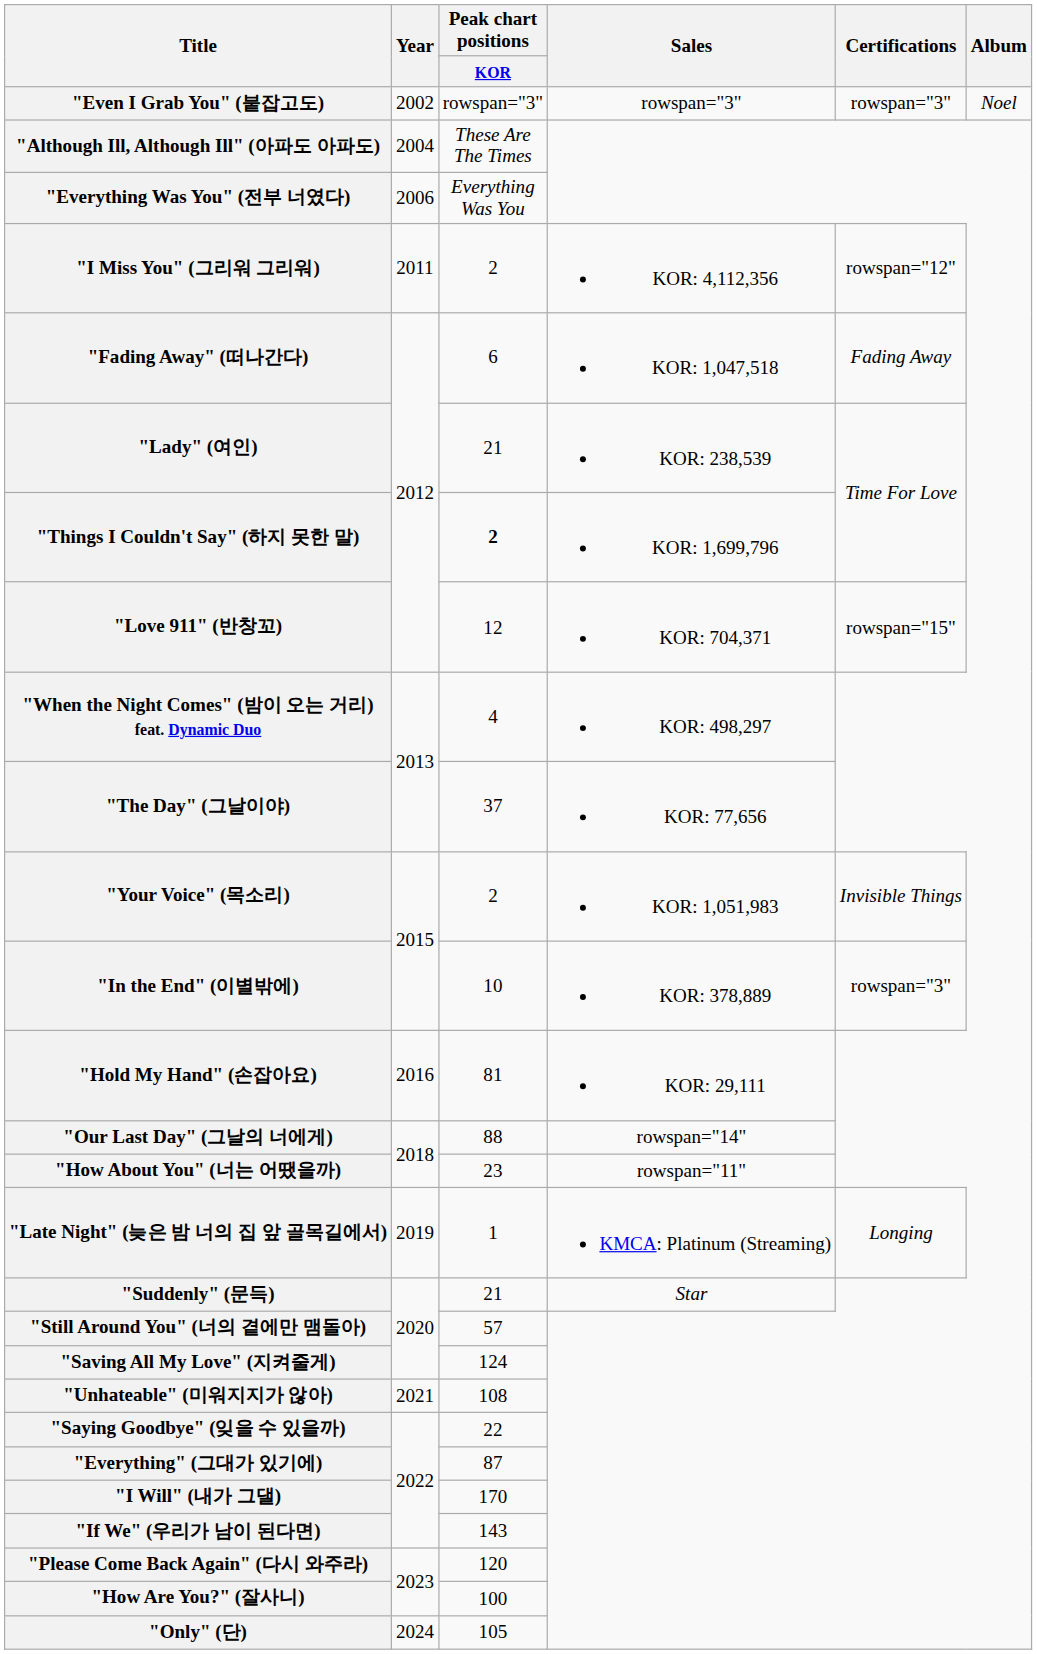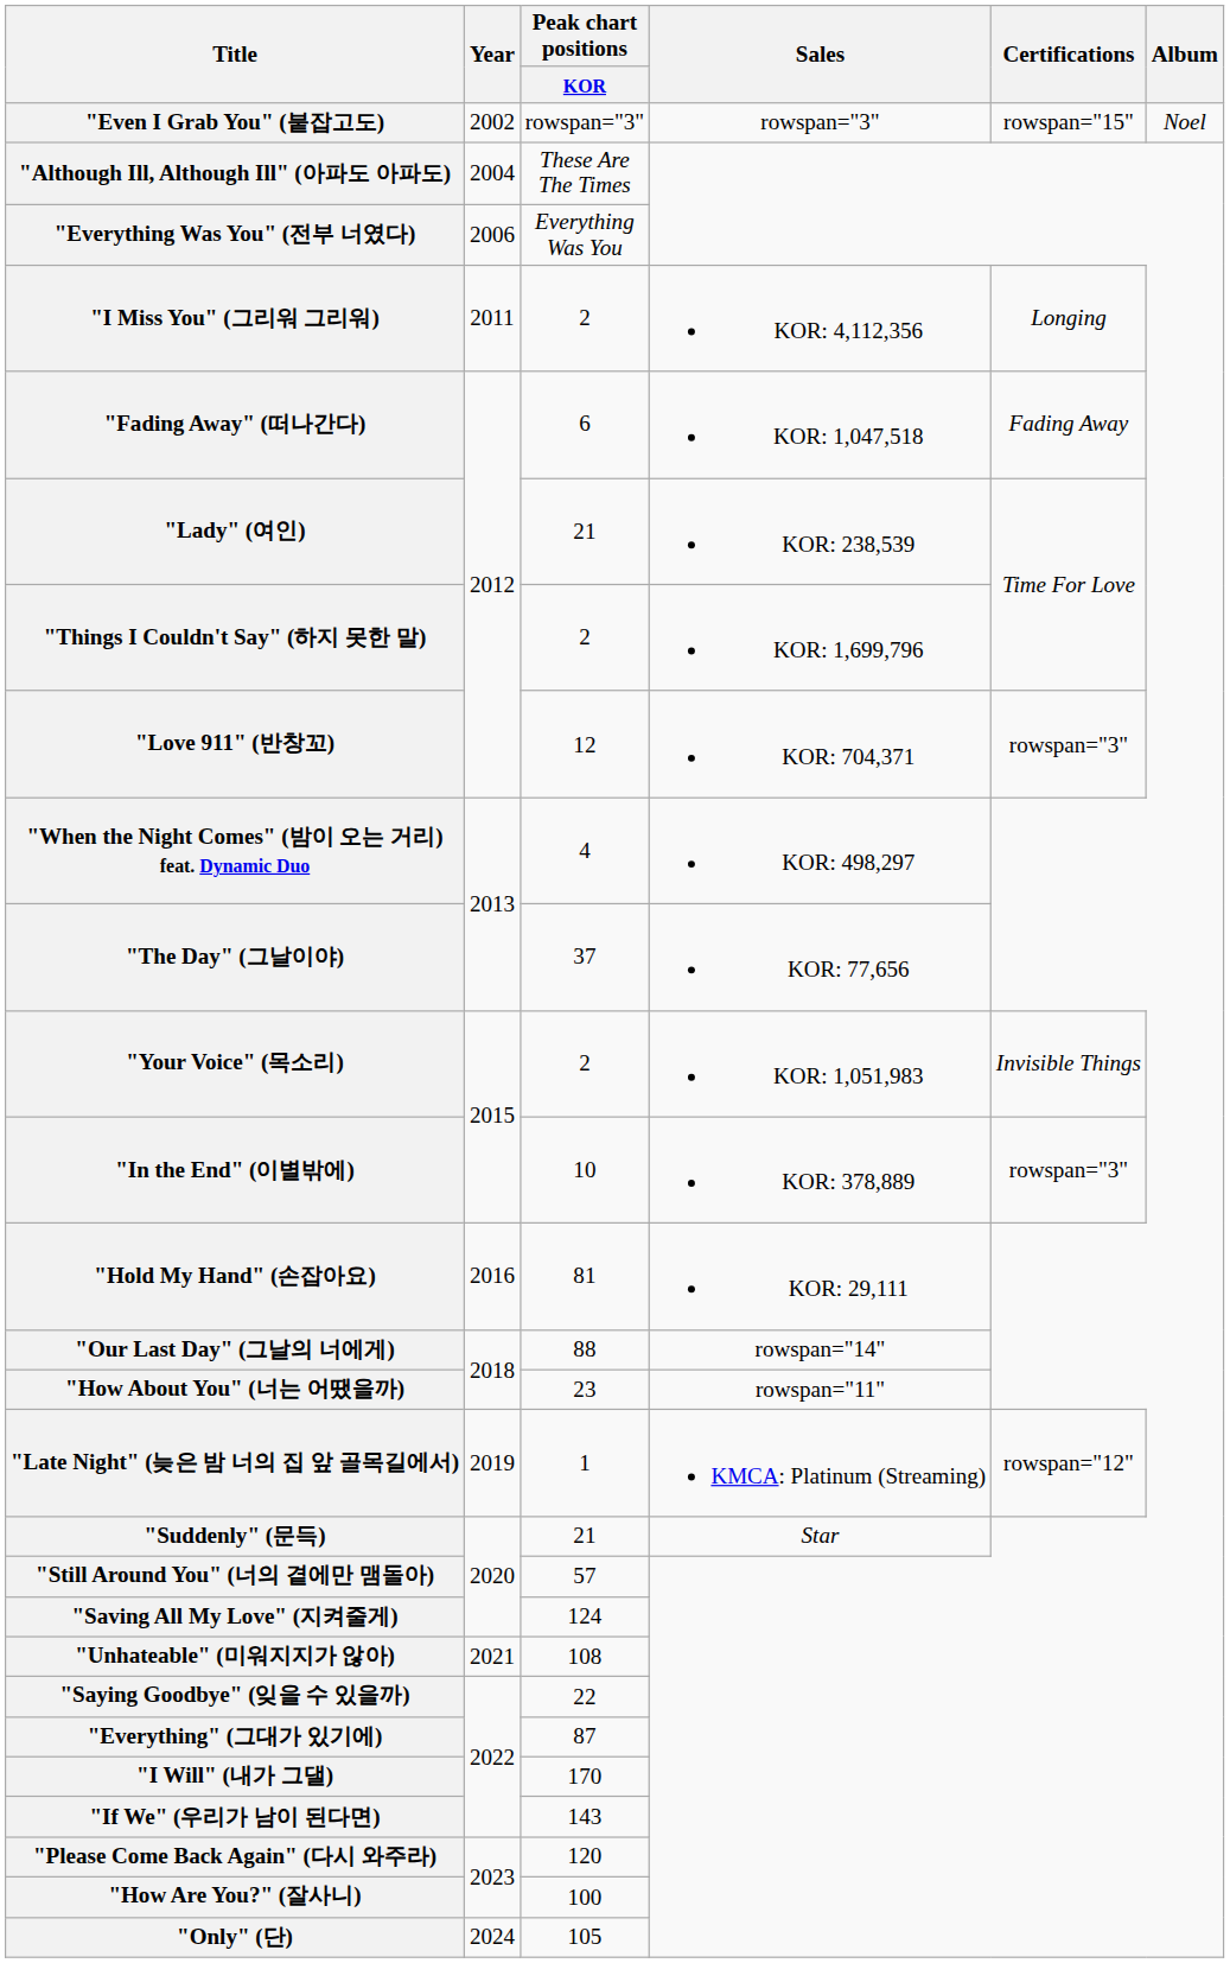 <table class="wikitable plainrowheaders" style="text-align:center;">
 <tr>
 <th scope="col" rowspan="2">Title</th>
 <th scope="col" rowspan="2">Year</th>
 <th scope="col" style="width:3em;">Peak chart positions</th>
 <th scope="col" rowspan="2">Sales</th>
 <th scope="col" rowspan="2">Certifications</th>
 <th scope="col" rowspan="2">Album</th>
 </tr>
 <tr>
 <th scope="col"><small><a href='#'>KOR</a></small><br></th>
 </tr>
 <tr>
 <th scope="row">"Even I Grab You" (붙잡고도)</th>
 <td>2002</td>
 <td>rowspan="3" </td>
 <td>rowspan="3" </td>
-<td>rowspan="3" </td>
+<td>rowspan="15" </td>
 <td><em>Noel</em></td>
 </tr>
 <tr>
 <th scope="row">"Although Ill, Although Ill" (아파도 아파도)</th>
 <td>2004</td>
 <td><em>These Are The Times</em></td>
 </tr>
 <tr>
 <th scope="row">"Everything Was You" (전부 너였다)</th>
 <td>2006</td>
 <td><em>Everything Was You</em></td>
 </tr>
 <tr>
 <th scope="row">"I Miss You" (그리워 그리워)</th>
 <td>2011</td>
 <td>2</td>
 <td><br><ul><li>KOR: 4,112,356</li></ul></td>
-<td>rowspan="12" </td>
+<td><em>Longing</em></td>
 </tr>
 <tr>
 <th scope="row">"Fading Away" (떠나간다)</th>
 <td rowspan="4">2012</td>
 <td>6</td>
 <td><br><ul><li>KOR: 1,047,518</li></ul></td>
 <td><em>Fading Away</em></td>
 </tr>
 <tr>
 <th scope="row">"Lady" (여인)</th>
 <td>21</td>
 <td><br><ul><li>KOR: 238,539</li></ul></td>
 <td rowspan="2"><em>Time For Love</em></td>
 </tr>
 <tr>
 <th scope="row">"Things I Couldn't Say" (하지 못한 말)</th>
-<td><strong>2</strong></td>
+<td>2</td>
 <td><br><ul><li>KOR: 1,699,796</li></ul></td>
 </tr>
 <tr>
 <th scope="row">"Love 911" (반창꼬)</th>
 <td>12</td>
 <td><br><ul><li>KOR: 704,371</li></ul></td>
-<td>rowspan="15" </td>
+<td>rowspan="3" </td>
 </tr>
 <tr>
 <th scope="row">"When the Night Comes" (밤이 오는 거리)<br><small>feat. <a href='#'>Dynamic Duo</a></small></th>
 <td rowspan="2">2013</td>
 <td>4</td>
 <td><br><ul><li>KOR: 498,297</li></ul></td>
 </tr>
 <tr>
 <th scope="row">"The Day" (그날이야)</th>
 <td>37</td>
 <td><br><ul><li>KOR: 77,656</li></ul></td>
 </tr>
 <tr>
 <th scope="row">"Your Voice" (목소리)</th>
 <td rowspan="2">2015</td>
 <td>2</td>
 <td><br><ul><li>KOR: 1,051,983</li></ul></td>
 <td><em>Invisible Things</em></td>
 </tr>
 <tr>
 <th scope="row">"In the End" (이별밖에)</th>
 <td>10</td>
 <td><br><ul><li>KOR: 378,889</li></ul></td>
 <td>rowspan="3" </td>
 </tr>
 <tr>
 <th scope="row">"Hold My Hand" (손잡아요)</th>
 <td>2016</td>
 <td>81</td>
 <td><br><ul><li>KOR: 29,111</li></ul></td>
 </tr>
 <tr>
 <th scope="row">"Our Last Day" (그날의 너에게)</th>
 <td rowspan="2">2018</td>
 <td>88</td>
 <td>rowspan="14" </td>
 </tr>
 <tr>
 <th scope="row">"How About You" (너는 어땠을까)</th>
 <td>23</td>
 <td>rowspan="11" </td>
 </tr>
 <tr>
 <th scope="row">"Late Night" (늦은 밤 너의 집 앞 골목길에서)</th>
 <td>2019</td>
 <td>1</td>
 <td><br><ul><li><a href='#'>KMCA</a>: Platinum (Streaming)</li></ul></td>
-<td><em>Longing</em></td>
+<td>rowspan="12" </td>
 </tr>
 <tr>
 <th scope="row">"Suddenly" (문득)</th>
 <td rowspan="3">2020</td>
 <td>21</td>
 <td><em>Star</em></td>
 </tr>
 <tr>
 <th scope="row">"Still Around You" (너의 곁에만 맴돌아)</th>
 <td>57</td>
 </tr>
 <tr>
 <th scope="row">"Saving All My Love" (지켜줄게)</th>
 <td>124</td>
 </tr>
 <tr>
 <th scope="row">"Unhateable" (미워지지가 않아)</th>
 <td>2021</td>
 <td>108</td>
 </tr>
 <tr>
 <th scope="row">"Saying Goodbye" (잊을 수 있을까)</th>
 <td rowspan="4">2022</td>
 <td>22</td>
 </tr>
 <tr>
 <th scope="row">"Everything" (그대가 있기에)</th>
 <td>87</td>
 </tr>
 <tr>
 <th scope="row">"I Will" (내가 그댈)</th>
 <td>170</td>
 </tr>
 <tr>
 <th scope="row">"If We" (우리가 남이 된다면)</th>
 <td>143</td>
 </tr>
 <tr>
 <th scope="row">"Please Come Back Again" (다시 와주라)</th>
 <td rowspan="2">2023</td>
 <td>120</td>
 </tr>
 <tr>
 <th scope="row">"How Are You?" (잘사니)</th>
 <td>100</td>
 </tr>
 <tr>
 <th scope="row">"Only" (단)</th>
 <td>2024</td>
 <td>105</td>
 </tr>
 </table>
